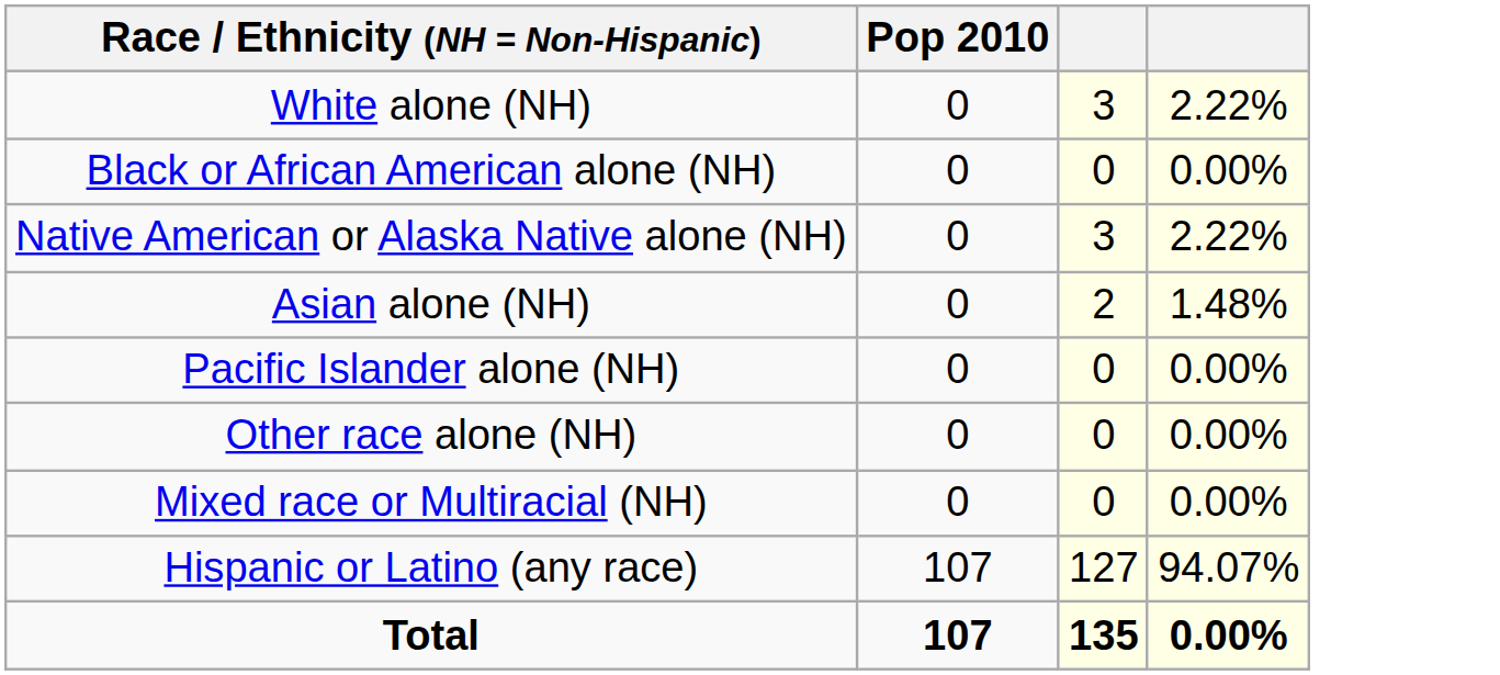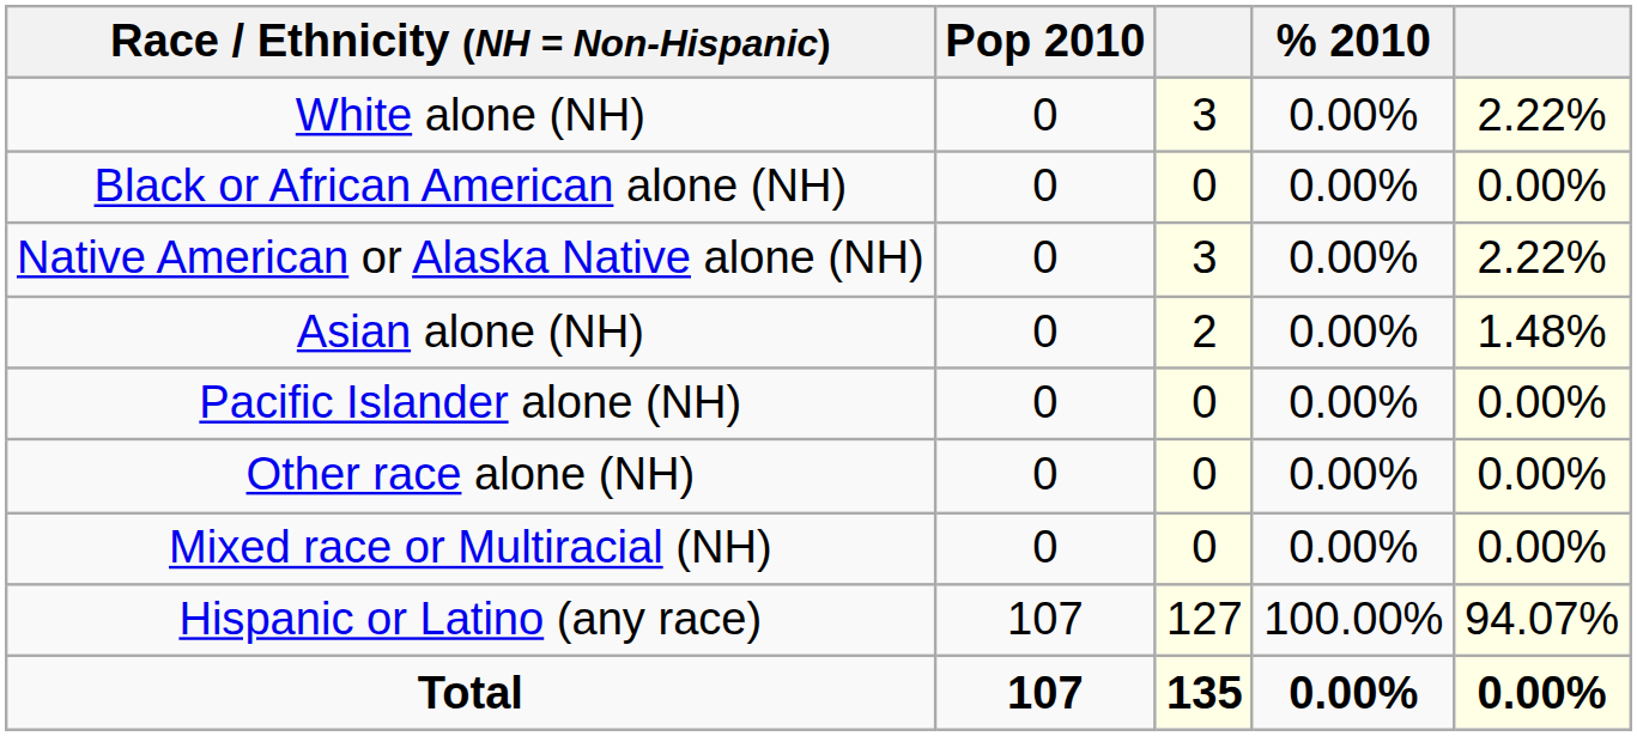 <table class="wikitable" style="text-align:center;">
 <tr>
 <th>Race / Ethnicity <small>(<em>NH = Non-Hispanic</em>)</small></th>
 <th>Pop 2010</th>
 <th></th>
+<th>% 2010</th>
 <th></th>
 </tr>
 <tr>
 <td><a href='#'>White</a> alone (NH)</td>
 <td>0</td>
 <td style='background: #ffffe6;'>3</td>
+<td>0.00%</td>
 <td style='background: #ffffe6;'>2.22%</td>
 </tr>
 <tr>
 <td><a href='#'>Black or African American</a> alone (NH)</td>
 <td>0</td>
 <td style='background: #ffffe6;'>0</td>
+<td>0.00%</td>
 <td style='background: #ffffe6;'>0.00%</td>
 </tr>
 <tr>
 <td><a href='#'>Native American</a> or <a href='#'>Alaska Native</a> alone (NH)</td>
 <td>0</td>
 <td style='background: #ffffe6;'>3</td>
+<td>0.00%</td>
 <td style='background: #ffffe6;'>2.22%</td>
 </tr>
 <tr>
 <td><a href='#'>Asian</a> alone (NH)</td>
 <td>0</td>
 <td style='background: #ffffe6;'>2</td>
+<td>0.00%</td>
 <td style='background: #ffffe6;'>1.48%</td>
 </tr>
 <tr>
 <td><a href='#'>Pacific Islander</a> alone (NH)</td>
 <td>0</td>
 <td style='background: #ffffe6;'>0</td>
+<td>0.00%</td>
 <td style='background: #ffffe6;'>0.00%</td>
 </tr>
 <tr>
 <td><a href='#'>Other race</a> alone (NH)</td>
 <td>0</td>
 <td style='background: #ffffe6;'>0</td>
+<td>0.00%</td>
 <td style='background: #ffffe6;'>0.00%</td>
 </tr>
 <tr>
 <td><a href='#'>Mixed race or Multiracial</a> (NH)</td>
 <td>0</td>
 <td style='background: #ffffe6;'>0</td>
+<td>0.00%</td>
 <td style='background: #ffffe6;'>0.00%</td>
 </tr>
 <tr>
 <td><a href='#'>Hispanic or Latino</a> (any race)</td>
 <td>107</td>
 <td style='background: #ffffe6;'>127</td>
+<td>100.00%</td>
 <td style='background: #ffffe6;'>94.07%</td>
 </tr>
 <tr>
 <td><strong>Total</strong></td>
 <td><strong>107</strong></td>
 <td style='background: #ffffe6;'><strong>135</strong></td>
+<td><strong>0.00%</strong></td>
 <td style='background: #ffffe6;'><strong>0.00%</strong></td>
 </tr>
 </table>
